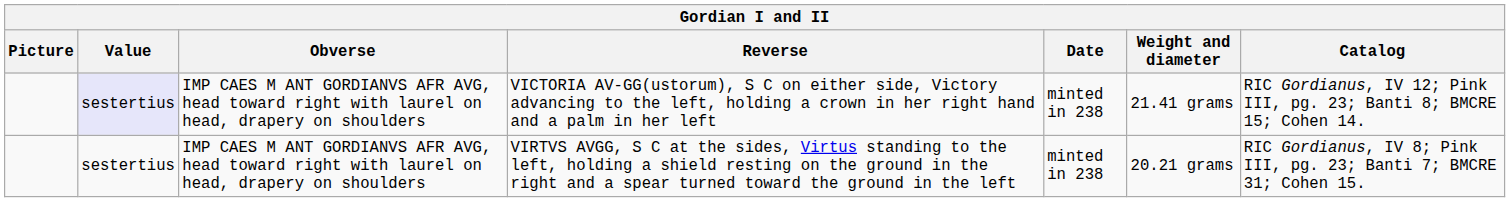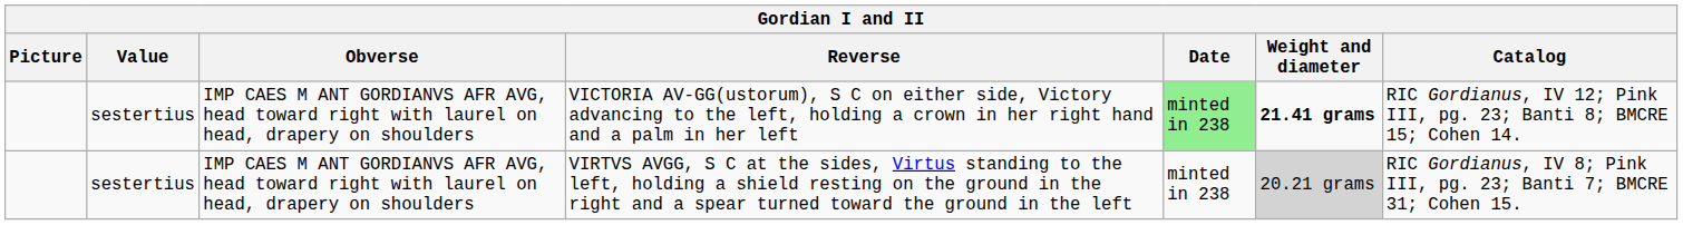 <table class="wikitable">
 <tr>
 <th colspan="7">Gordian I and II</th>
 </tr>
 <tr>
 <th>Picture</th>
 <th>Value</th>
 <th>Obverse</th>
 <th>Reverse</th>
 <th>Date</th>
 <th>Weight and diameter</th>
 <th>Catalog</th>
 </tr>
 <tr>
 <td></td>
-<td style="background: lavender;">sestertius</td>
+<td>sestertius</td>
 <td>IMP CAES M ANT GORDIANVS AFR AVG, head toward right with laurel on head, drapery on shoulders</td>
 <td>VICTORIA AV-GG(ustorum), S C on either side, Victory advancing to the left, holding a crown in her right hand and a palm in her left</td>
-<td>minted in 238</td>
-<td>21.41 grams</td>
+<td style="background: lightgreen;">minted in 238</td>
+<td><strong>21.41 grams</strong></td>
 <td>RIC <em>Gordianus</em>, IV 12; Pink III, pg. 23; Banti 8; BMCRE 15; Cohen 14.</td>
 </tr>
 <tr>
 <td></td>
 <td>sestertius</td>
 <td>IMP CAES M ANT GORDIANVS AFR AVG, head toward right with laurel on head, drapery on shoulders</td>
 <td>VIRTVS AVGG, S C at the sides, <a href='#'>Virtus</a> standing to the left, holding a shield resting on the ground in the right and a spear turned toward the ground in the left</td>
 <td>minted in 238</td>
-<td>20.21 grams</td>
+<td style="background: lightgrey;">20.21 grams</td>
 <td>RIC <em>Gordianus</em>, IV 8; Pink III, pg. 23; Banti 7; BMCRE 31; Cohen 15.</td>
 </tr>
 </table>
